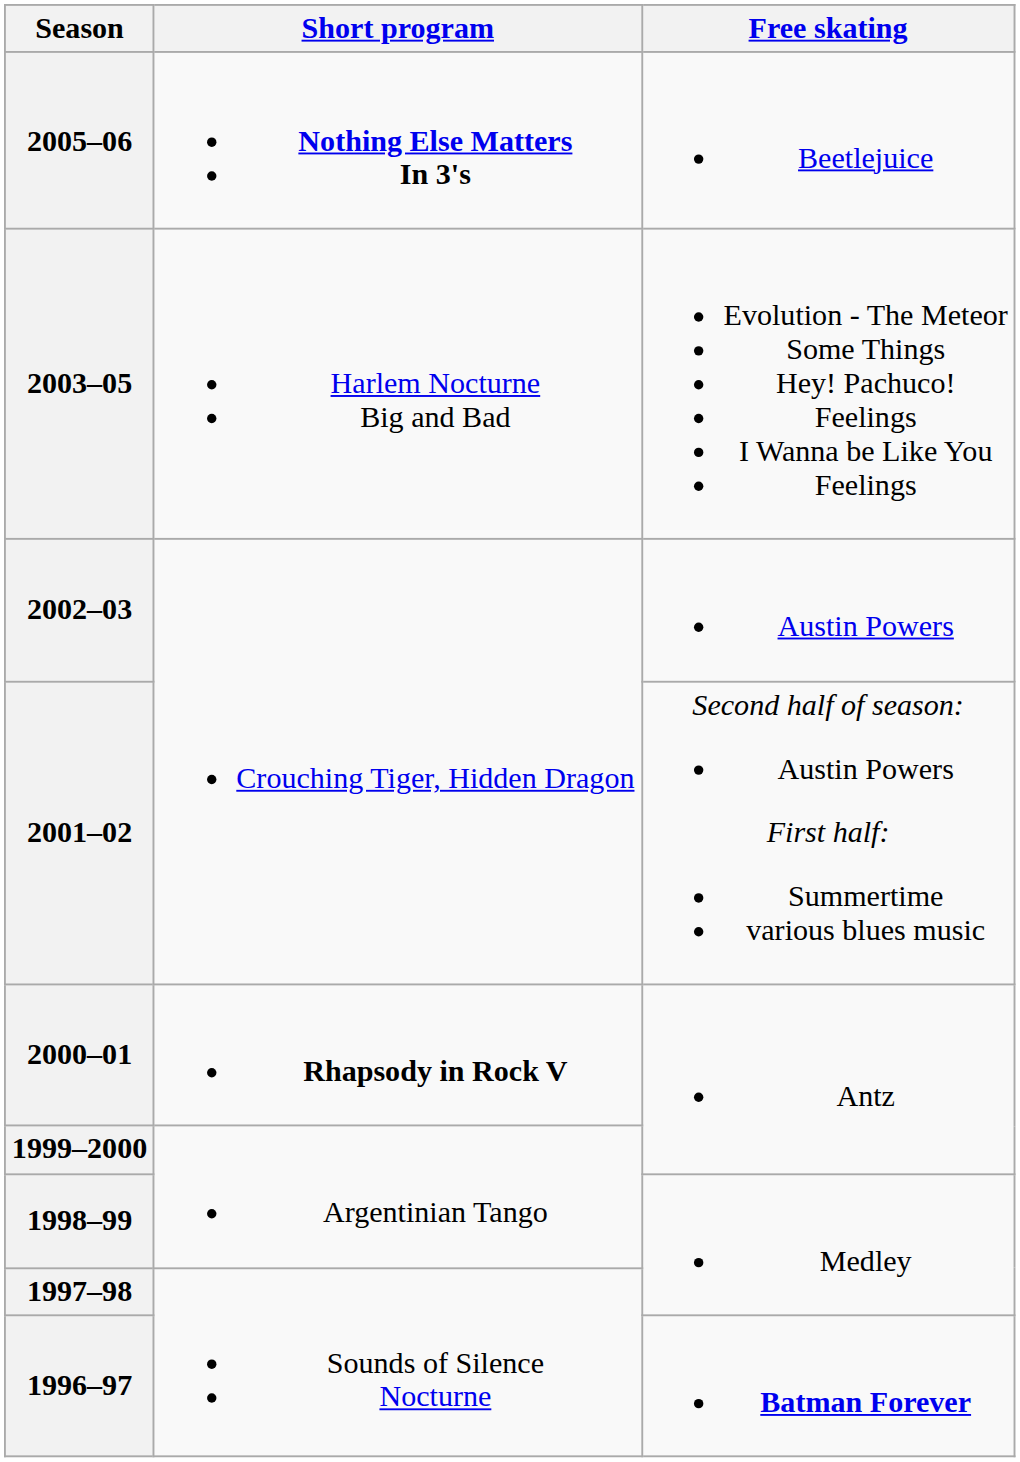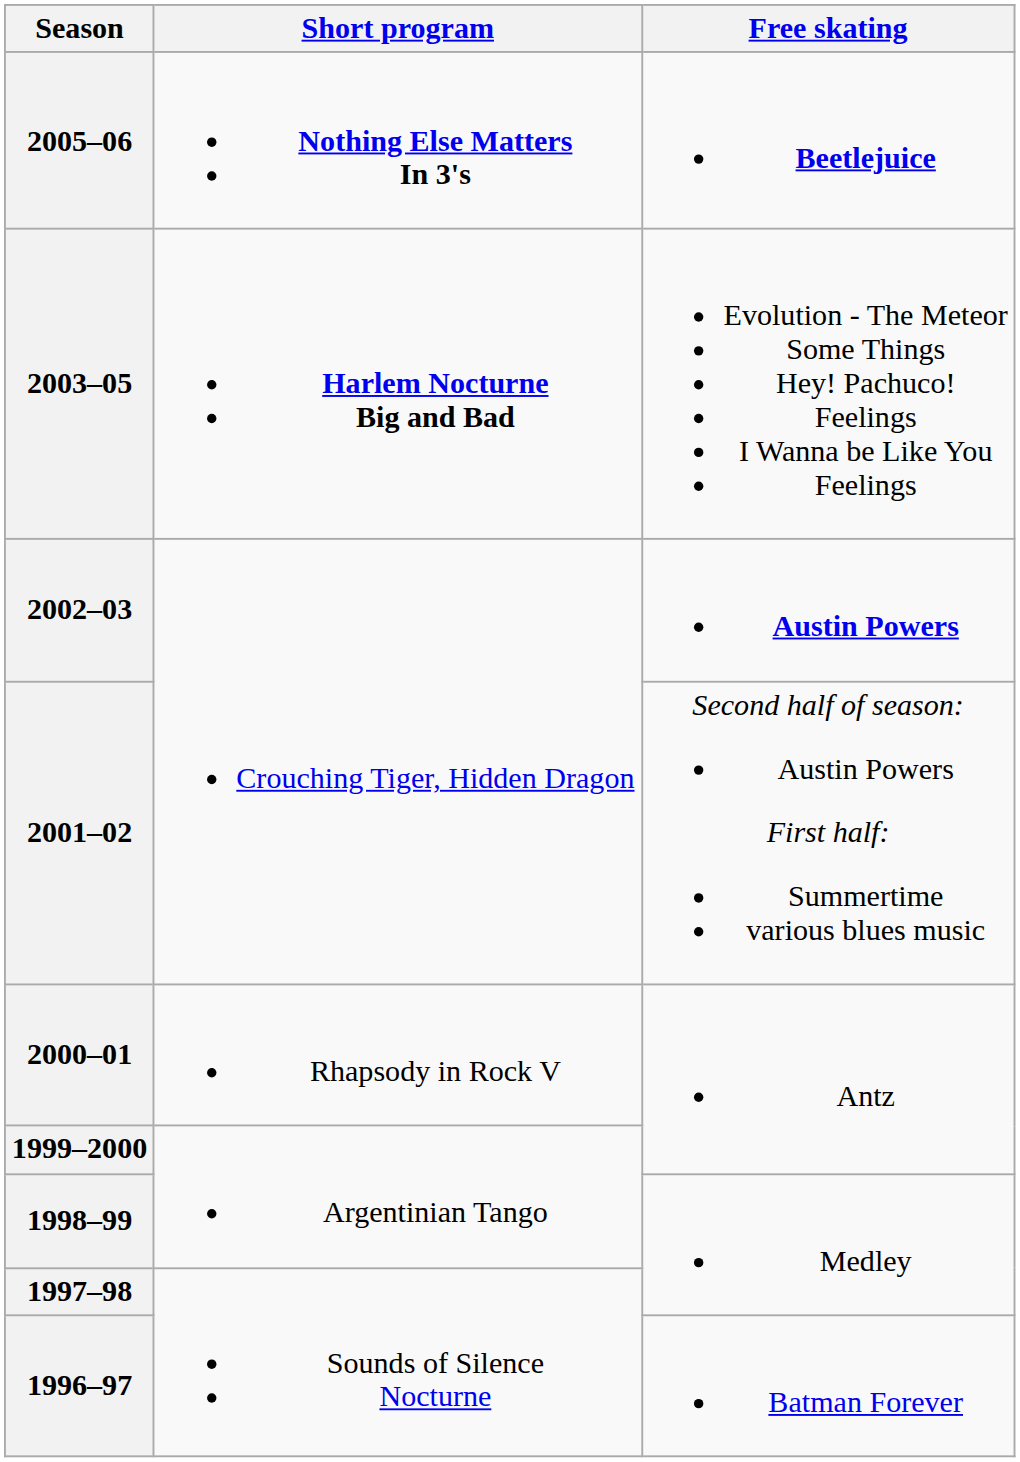 <table class=wikitable style=text-align:center>
 <tr>
 <th>Season</th>
 <th><a href='#'>Short program</a></th>
 <th><a href='#'>Free skating</a></th>
 </tr>
 <tr>
 <th>2005–06 <br> </th>
 <td><strong><br><ul><li><a href='#'>Nothing Else Matters</a> <br></li><li>In 3's <br></li></ul></strong></td>
-<td><br><ul><li><a href='#'>Beetlejuice</a> <br></li></ul></td>
+<td><strong><br><ul><li><a href='#'>Beetlejuice</a> <br></li></ul></strong></td>
 </tr>
 <tr>
 <th>2003–05 <br> </th>
-<td><br><ul><li><a href='#'>Harlem Nocturne</a> <br></li><li>Big and Bad <br></li></ul></td>
+<td><strong><br><ul><li><a href='#'>Harlem Nocturne</a> <br></li><li>Big and Bad <br></li></ul></strong></td>
 <td><br><ul><li>Evolution - The Meteor <br></li><li>Some Things <br></li><li>Hey! Pachuco! <br></li><li>Feelings <br></li><li>I Wanna be Like You <br></li><li>Feelings <br></li></ul></td>
 </tr>
 <tr>
 <th>2002–03 <br> </th>
 <td rowspan=2><br><ul><li><a href='#'>Crouching Tiger, Hidden Dragon</a> <br></li></ul></td>
-<td><br><ul><li><a href='#'>Austin Powers</a> <br></li></ul></td>
+<td><strong><br><ul><li><a href='#'>Austin Powers</a> <br></li></ul></strong></td>
 </tr>
 <tr>
 <th>2001–02 <br> </th>
 <td><em>Second half of season:</em><br><ul><li>Austin Powers <br></li></ul><em>First half:</em><ul><li>Summertime</li><li>various blues music</li></ul></td>
 </tr>
 <tr>
 <th>2000–01 <br> </th>
-<td><strong><br><ul><li>Rhapsody in Rock V <br></li></ul></strong></td>
+<td><br><ul><li>Rhapsody in Rock V <br></li></ul></td>
 <td rowspan=2><br><ul><li>Antz <br></li></ul></td>
 </tr>
 <tr>
 <th>1999–2000 <br> </th>
 <td rowspan=2><br><ul><li>Argentinian Tango</li></ul></td>
 </tr>
 <tr>
 <th>1998–99 <br> </th>
 <td rowspan=2><br><ul><li>Medley <br></li></ul></td>
 </tr>
 <tr>
 <th>1997–98 <br> </th>
 <td rowspan=2><br><ul><li>Sounds of Silence</li><li><a href='#'>Nocturne</a> <br></li></ul></td>
 </tr>
 <tr>
 <th>1996–97 <br> </th>
-<td><strong><br><ul><li><a href='#'>Batman Forever</a> <br></li></ul></strong></td>
+<td><br><ul><li><a href='#'>Batman Forever</a> <br></li></ul></td>
 </tr>
 </table>
